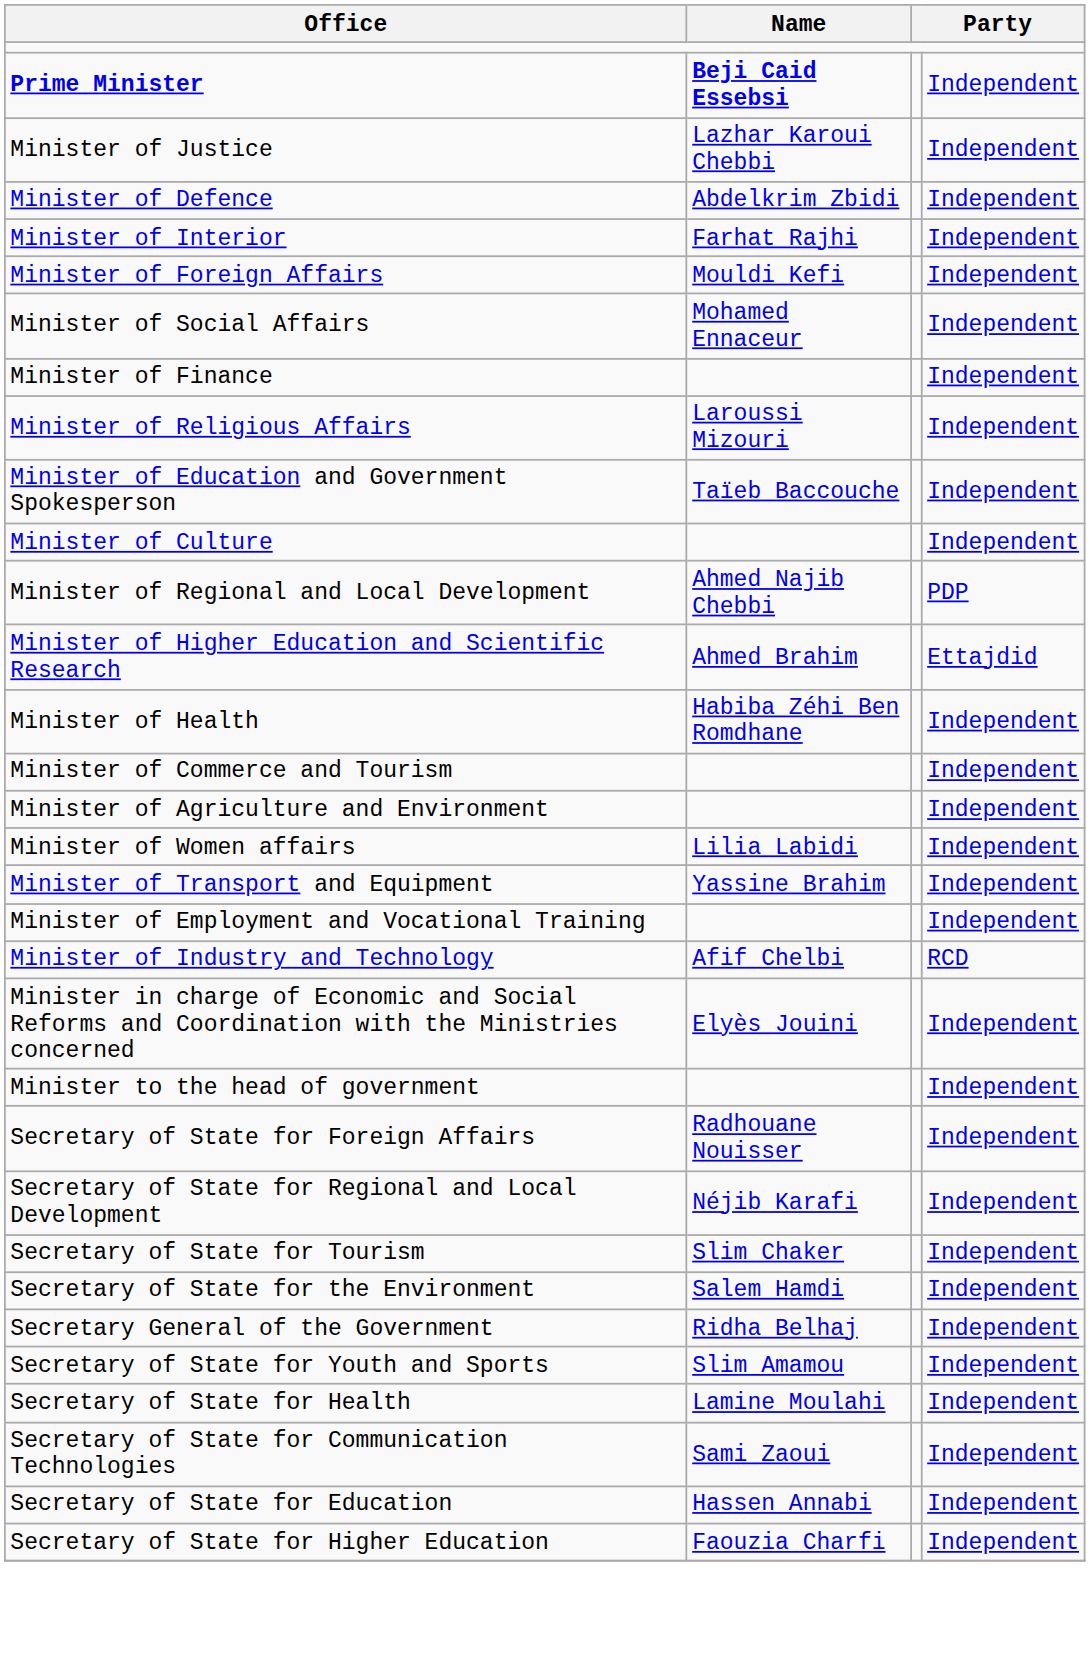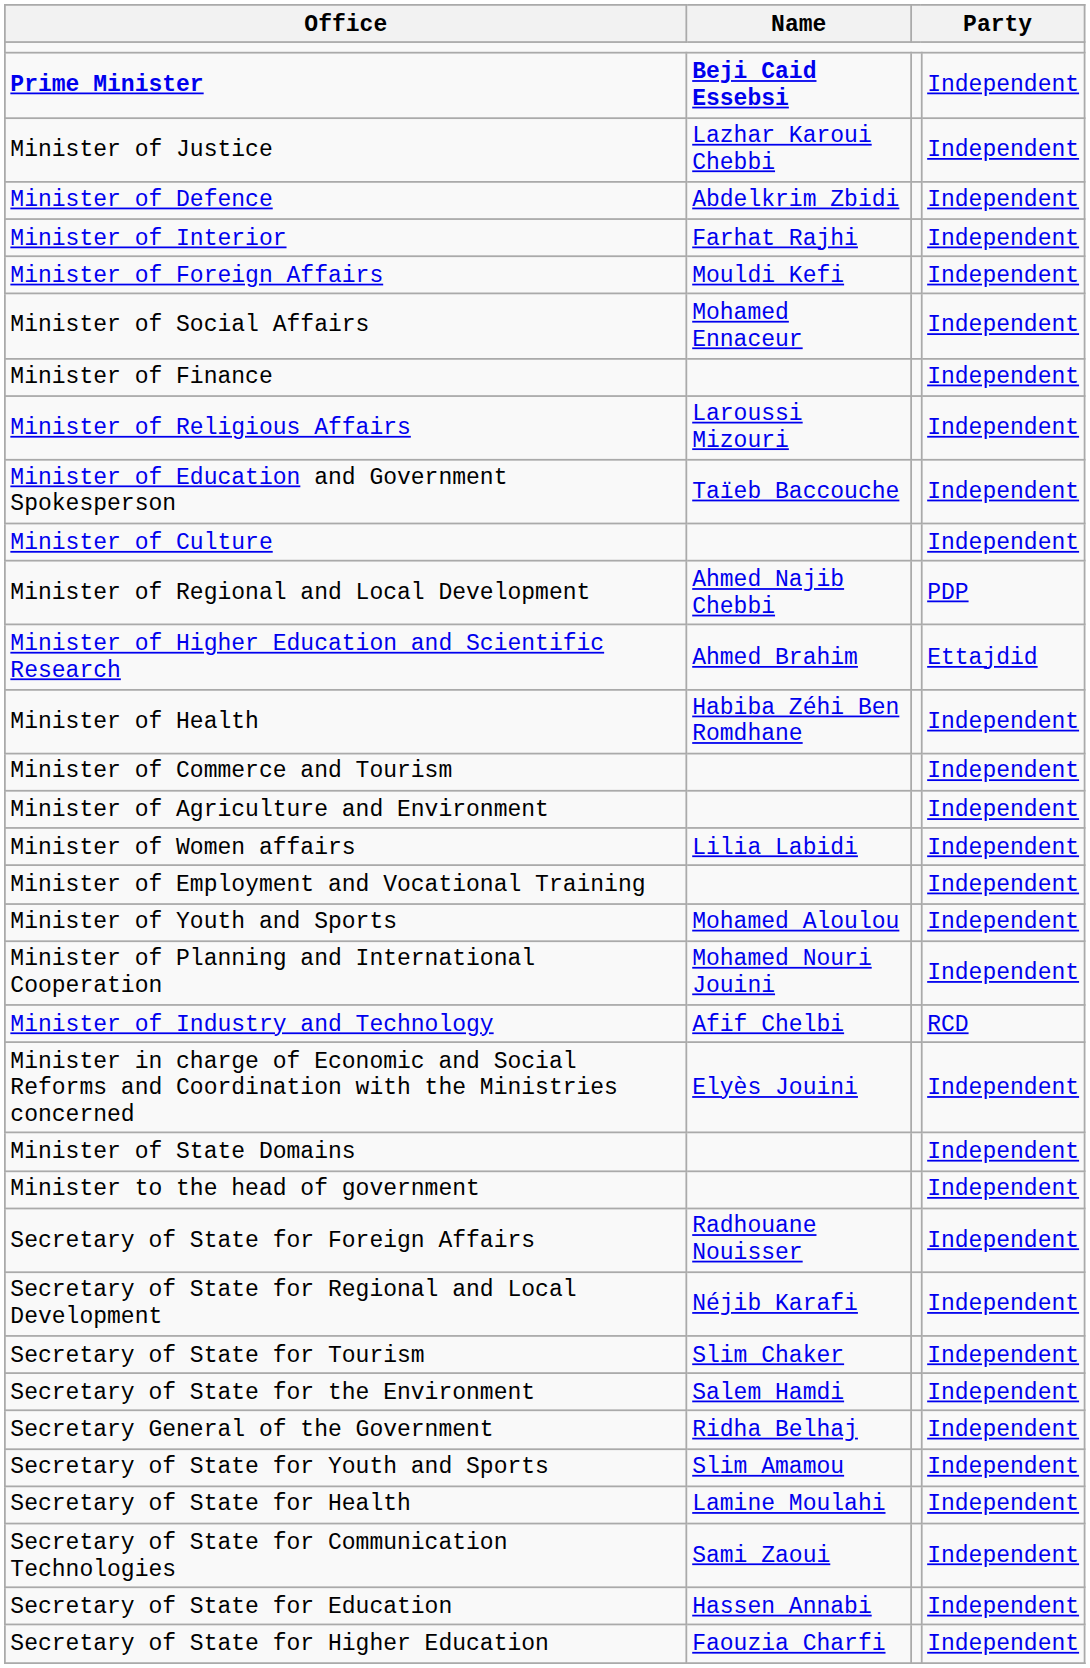 <table class="wikitable" style="font-size: 100%;">
 <tr>
 <th>Office</th>
 <th>Name</th>
 <th colspan=2>Party</th>
 </tr>
 <tr>
 <td colspan="4"></td>
 </tr>
 <tr>
 <td><strong><a href='#'>Prime Minister</a></strong></td>
 <td><strong><a href='#'>Beji Caid Essebsi</a></strong></td>
 <td></td>
 <td><a href='#'>Independent</a></td>
 </tr>
 <tr>
 <td>Minister of Justice</td>
 <td><a href='#'>Lazhar Karoui Chebbi</a></td>
 <td></td>
 <td><a href='#'>Independent</a></td>
 </tr>
 <tr>
 <td><a href='#'>Minister of Defence</a></td>
 <td><a href='#'>Abdelkrim Zbidi</a></td>
 <td></td>
 <td><a href='#'>Independent</a></td>
 </tr>
 <tr>
 <td><a href='#'>Minister of Interior</a></td>
 <td><a href='#'>Farhat Rajhi</a></td>
 <td></td>
 <td><a href='#'>Independent</a></td>
 </tr>
 <tr>
 <td><a href='#'>Minister of Foreign Affairs</a></td>
 <td><a href='#'>Mouldi Kefi</a></td>
 <td></td>
 <td><a href='#'>Independent</a></td>
 </tr>
 <tr>
 <td>Minister of Social Affairs</td>
 <td><a href='#'>Mohamed Ennaceur</a></td>
 <td></td>
 <td><a href='#'>Independent</a></td>
 </tr>
 <tr>
 <td>Minister of Finance</td>
 <td></td>
 <td></td>
 <td><a href='#'>Independent</a></td>
 </tr>
 <tr>
 <td><a href='#'>Minister of Religious Affairs</a></td>
 <td><a href='#'>Laroussi Mizouri</a></td>
 <td></td>
 <td><a href='#'>Independent</a></td>
 </tr>
 <tr>
 <td><a href='#'>Minister of Education</a> and Government Spokesperson</td>
 <td><a href='#'>Taïeb Baccouche</a></td>
 <td></td>
 <td><a href='#'>Independent</a></td>
 </tr>
 <tr>
 <td><a href='#'>Minister of Culture</a></td>
 <td></td>
 <td></td>
 <td><a href='#'>Independent</a></td>
 </tr>
 <tr>
 <td>Minister of Regional and Local Development</td>
 <td><a href='#'>Ahmed Najib Chebbi</a></td>
 <td></td>
 <td><a href='#'>PDP</a></td>
 </tr>
 <tr>
 <td><a href='#'>Minister of Higher Education and Scientific Research</a></td>
 <td><a href='#'>Ahmed Brahim</a></td>
 <td></td>
 <td><a href='#'>Ettajdid</a></td>
 </tr>
 <tr>
 <td>Minister of Health</td>
 <td><a href='#'>Habiba Zéhi Ben Romdhane</a></td>
 <td></td>
 <td><a href='#'>Independent</a></td>
 </tr>
 <tr>
 <td>Minister of Commerce and Tourism</td>
 <td></td>
 <td></td>
 <td><a href='#'>Independent</a></td>
 </tr>
 <tr>
 <td>Minister of Agriculture and Environment</td>
 <td></td>
 <td></td>
 <td><a href='#'>Independent</a></td>
 </tr>
 <tr>
 <td>Minister of Women affairs</td>
 <td><a href='#'>Lilia Labidi</a></td>
 <td></td>
 <td><a href='#'>Independent</a></td>
 </tr>
 <tr>
-<td><a href='#'>Minister of Transport</a> and Equipment</td>
-<td><a href='#'>Yassine Brahim</a></td>
+<td>Minister of Employment and Vocational Training</td>
+<td></td>
 <td></td>
 <td><a href='#'>Independent</a></td>
 </tr>
 <tr>
-<td>Minister of Employment and Vocational Training</td>
+<td>Minister of Youth and Sports</td>
+<td><a href='#'>Mohamed Aloulou</a></td>
 <td></td>
+<td><a href='#'>Independent</a></td>
+</tr>
+<tr>
+<td>Minister of Planning and International Cooperation</td>
+<td><a href='#'>Mohamed Nouri Jouini</a></td>
 <td></td>
 <td><a href='#'>Independent</a></td>
 </tr>
 <tr>
 <td><a href='#'>Minister of Industry and Technology</a></td>
 <td><a href='#'>Afif Chelbi</a></td>
 <td></td>
 <td><a href='#'>RCD</a></td>
 </tr>
 <tr>
 <td>Minister in charge of Economic and Social Reforms and Coordination with the Ministries concerned</td>
 <td><a href='#'>Elyès Jouini</a></td>
+<td></td>
+<td><a href='#'>Independent</a></td>
+</tr>
+<tr>
+<td>Minister of State Domains</td>
+<td></td>
 <td></td>
 <td><a href='#'>Independent</a></td>
 </tr>
 <tr>
 <td>Minister to the head of government</td>
 <td></td>
 <td></td>
 <td><a href='#'>Independent</a></td>
 </tr>
 <tr>
 <td>Secretary of State for Foreign Affairs</td>
 <td><a href='#'>Radhouane Nouisser</a></td>
 <td></td>
 <td><a href='#'>Independent</a></td>
 </tr>
 <tr>
 <td>Secretary of State for Regional and Local Development</td>
 <td><a href='#'>Néjib Karafi</a></td>
 <td></td>
 <td><a href='#'>Independent</a></td>
 </tr>
 <tr>
 <td>Secretary of State for Tourism</td>
 <td><a href='#'>Slim Chaker</a></td>
 <td></td>
 <td><a href='#'>Independent</a></td>
 </tr>
 <tr>
 <td>Secretary of State for the Environment</td>
 <td><a href='#'>Salem Hamdi</a></td>
 <td></td>
 <td><a href='#'>Independent</a></td>
 </tr>
 <tr>
 <td>Secretary General of the Government</td>
 <td><a href='#'> Ridha Belhaj</a></td>
 <td></td>
 <td><a href='#'>Independent</a></td>
 </tr>
 <tr>
 <td>Secretary of State for Youth and Sports</td>
 <td><a href='#'>Slim Amamou</a></td>
 <td></td>
 <td><a href='#'>Independent</a></td>
 </tr>
 <tr>
 <td>Secretary of State for Health</td>
 <td><a href='#'>Lamine Moulahi</a></td>
 <td></td>
 <td><a href='#'>Independent</a></td>
 </tr>
 <tr>
 <td>Secretary of State for Communication Technologies</td>
 <td><a href='#'>Sami Zaoui</a></td>
 <td></td>
 <td><a href='#'>Independent</a></td>
 </tr>
 <tr>
 <td>Secretary of State for Education</td>
 <td><a href='#'>Hassen Annabi</a></td>
 <td></td>
 <td><a href='#'>Independent</a></td>
 </tr>
 <tr>
 <td>Secretary of State for Higher Education</td>
 <td><a href='#'>Faouzia Charfi</a></td>
 <td></td>
 <td><a href='#'>Independent</a></td>
 </tr>
 <tr>
 </tr>
 </table>
